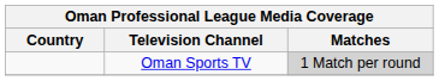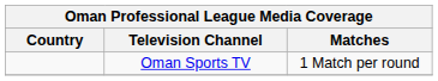 <table class="wikitable" style="text-align:center">
 <tr>
 <th colspan=3>Oman Professional League Media Coverage</th>
 </tr>
 <tr>
 <th style="width:100px;">Country</th>
 <th style="width:190px;">Television Channel</th>
 <th style="width:150px;">Matches</th>
 </tr>
 <tr>
 <td></td>
 <td><a href='#'>Oman Sports TV</a></td>
-<td style="background: lightgrey;">1 Match per round</td>
+<td>1 Match per round</td>
 </tr>
 <tr>
 </tr>
 </table>
